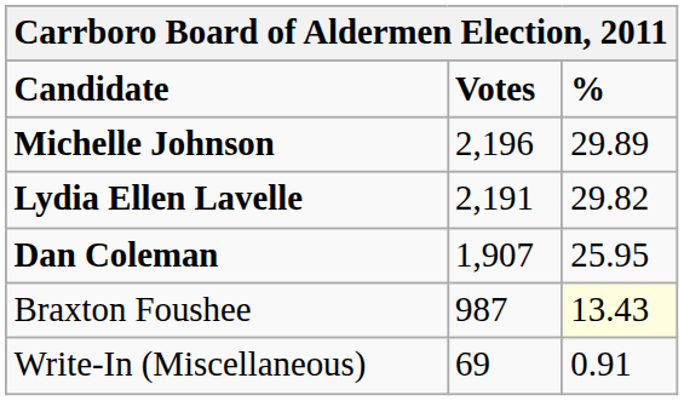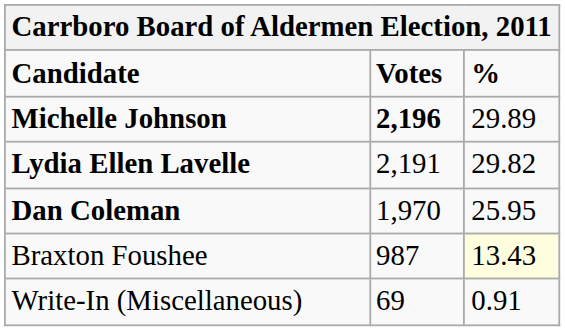 <table class="wikitable">
 <tr>
 <th colspan="3">Carrboro Board of Aldermen Election, 2011</th>
 </tr>
 <tr>
 <td><strong>Candidate</strong></td>
 <td><strong>Votes</strong></td>
 <td><strong>%</strong></td>
 </tr>
 <tr>
 <td><strong>Michelle Johnson</strong></td>
-<td>2,196</td>
+<td><strong>2,196</strong></td>
 <td>29.89</td>
 </tr>
 <tr>
 <td><strong>Lydia Ellen Lavelle</strong></td>
 <td>2,191</td>
 <td>29.82</td>
 </tr>
 <tr>
 <td><strong>Dan Coleman</strong></td>
-<td>1,907</td>
+<td>1,970</td>
 <td>25.95</td>
 </tr>
 <tr>
 <td>Braxton Foushee</td>
 <td>987</td>
 <td style="background: lightyellow;">13.43</td>
 </tr>
 <tr>
 <td>Write-In (Miscellaneous)</td>
 <td>69</td>
 <td>0.91</td>
 </tr>
 </table>
